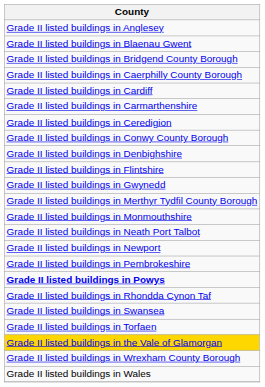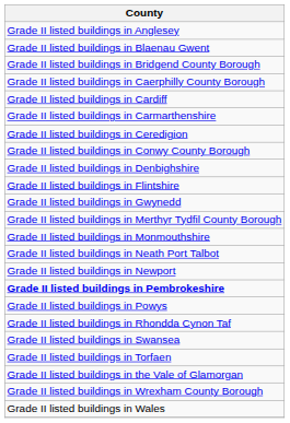 <table class="wikitable sortable">
 <tr>
 <th><strong>County</strong></th>
 </tr>
 <tr ->
 <td><a href='#'>Grade II listed buildings in Anglesey</a></td>
 </tr>
 <tr ->
 <td><a href='#'>Grade II listed buildings in Blaenau Gwent</a></td>
 </tr>
 <tr ->
 <td><a href='#'>Grade II listed buildings in Bridgend County Borough</a></td>
 </tr>
 <tr ->
 <td><a href='#'>Grade II listed buildings in Caerphilly County Borough</a></td>
 </tr>
 <tr ->
 <td><a href='#'>Grade II listed buildings in Cardiff</a></td>
 </tr>
 <tr ->
 <td><a href='#'>Grade II listed buildings in Carmarthenshire</a></td>
 </tr>
 <tr ->
 <td><a href='#'>Grade II listed buildings in Ceredigion</a></td>
 </tr>
 <tr ->
 <td><a href='#'>Grade II listed buildings in Conwy County Borough</a></td>
 </tr>
 <tr ->
 <td><a href='#'>Grade II listed buildings in Denbighshire</a></td>
 </tr>
 <tr ->
 <td><a href='#'>Grade II listed buildings in Flintshire</a></td>
 </tr>
 <tr ->
 <td><a href='#'>Grade II listed buildings in Gwynedd</a></td>
 </tr>
 <tr ->
 <td><a href='#'>Grade II listed buildings in Merthyr Tydfil County Borough</a></td>
 </tr>
 <tr ->
 <td><a href='#'>Grade II listed buildings in Monmouthshire</a></td>
 </tr>
 <tr ->
 <td><a href='#'>Grade II listed buildings in Neath Port Talbot</a></td>
 </tr>
 <tr ->
 <td><a href='#'>Grade II listed buildings in Newport</a></td>
 </tr>
 <tr ->
-<td><a href='#'>Grade II listed buildings in Pembrokeshire</a></td>
+<td><strong><a href='#'>Grade II listed buildings in Pembrokeshire</a></strong></td>
 </tr>
 <tr ->
-<td><strong><a href='#'>Grade II listed buildings in Powys</a></strong></td>
+<td><a href='#'>Grade II listed buildings in Powys</a></td>
 </tr>
 <tr ->
 <td><a href='#'>Grade II listed buildings in Rhondda Cynon Taf</a></td>
 </tr>
 <tr ->
 <td><a href='#'>Grade II listed buildings in Swansea</a></td>
 </tr>
 <tr ->
 <td><a href='#'>Grade II listed buildings in Torfaen</a></td>
 </tr>
 <tr ->
-<td style="background: gold;"><a href='#'>Grade II listed buildings in the Vale of Glamorgan</a></td>
+<td><a href='#'>Grade II listed buildings in the Vale of Glamorgan</a></td>
 </tr>
 <tr ->
 <td><a href='#'>Grade II listed buildings in Wrexham County Borough</a></td>
 </tr>
 <tr -class=sortbottom>
 <td> Grade II listed buildings in Wales</td>
 </tr>
 <tr ->
 </tr>
 </table>
